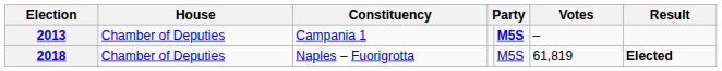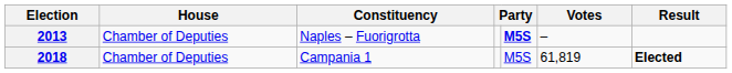 <table class=wikitable style="width:55%; border:1px #AAAAFF solid">
 <tr>
 <th width=12%>Election</th>
 <th width=25%>House</th>
 <th width=25%>Constituency</th>
 <th width=5% colspan="2">Party</th>
 <th width=12%>Votes</th>
 <th width=12%>Result</th>
 </tr>
 <tr>
 <th><a href='#'>2013</a></th>
 <td><a href='#'>Chamber of Deputies</a></td>
-<td><a href='#'>Campania 1</a></td>
+<td><a href='#'>Naples</a> – <a href='#'>Fuorigrotta</a></td>
 <td></td>
 <td><strong><a href='#'>M5S</a></strong></td>
 <td>–</td>
 <td></td>
 </tr>
 <tr>
 <th><a href='#'>2018</a></th>
 <td><a href='#'>Chamber of Deputies</a></td>
-<td><a href='#'>Naples</a> – <a href='#'>Fuorigrotta</a></td>
+<td><a href='#'>Campania 1</a></td>
 <td></td>
 <td><a href='#'>M5S</a></td>
 <td>61,819</td>
 <td> <strong>Elected</strong></td>
 </tr>
 </table>
